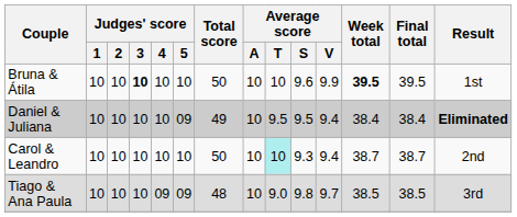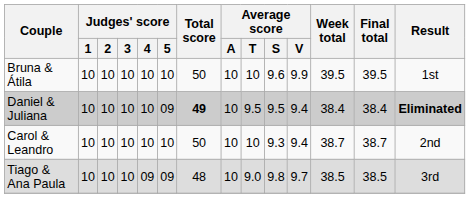 <table class="wikitable" style="font-size:90%; line-height:16px; text-align:center" width="85%">
 <tr>
 <th rowspan=2 width=150>Couple</th>
 <th colspan=5 width=185>Judges' score</th>
 <th rowspan=2 width=060>Total score</th>
 <th colspan=4 width=148>Average score</th>
 <th rowspan=2 width=060>Week total</th>
 <th rowspan=2 width=060>Final total</th>
 <th rowspan=2 width=075>Result</th>
 </tr>
 <tr>
 <th>1</th>
 <th>2</th>
 <th>3</th>
 <th>4</th>
 <th>5</th>
 <th>A</th>
 <th>T</th>
 <th>S</th>
 <th>V</th>
 </tr>
 <tr>
 <td align="left">Bruna & Átila</td>
 <td>10</td>
 <td>10</td>
-<td><strong>10</strong></td>
+<td>10</td>
 <td>10</td>
 <td>10</td>
 <td>50</td>
 <td>10</td>
 <td>10</td>
 <td>9.6</td>
 <td>9.9</td>
-<td><strong>39.5</strong></td>
+<td>39.5</td>
 <td>39.5</td>
 <td>1st</td>
 </tr>
 <tr bgcolor="CCCCCC">
 <td align="left">Daniel & Juliana</td>
 <td>10</td>
 <td>10</td>
 <td>10</td>
 <td>10</td>
 <td>09</td>
-<td>49</td>
+<td><strong>49</strong></td>
 <td>10</td>
 <td>9.5</td>
 <td>9.5</td>
 <td>9.4</td>
 <td>38.4</td>
 <td>38.4</td>
 <td><strong>Eliminated</strong></td>
 </tr>
 <tr>
 <td align="left">Carol & Leandro</td>
 <td>10</td>
 <td>10</td>
 <td>10</td>
 <td>10</td>
 <td>10</td>
 <td>50</td>
 <td>10</td>
-<td style="background: paleturquoise;">10</td>
+<td>10</td>
 <td>9.3</td>
 <td>9.4</td>
 <td>38.7</td>
 <td>38.7</td>
 <td>2nd</td>
 </tr>
 <tr bgcolor="DDDDDD">
 <td align="left">Tiago & Ana Paula</td>
 <td>10</td>
 <td>10</td>
 <td>10</td>
 <td>09</td>
 <td>09</td>
 <td>48</td>
 <td>10</td>
 <td>9.0</td>
 <td>9.8</td>
 <td>9.7</td>
 <td>38.5</td>
 <td>38.5</td>
 <td>3rd</td>
 </tr>
 <tr>
 </tr>
 </table>
